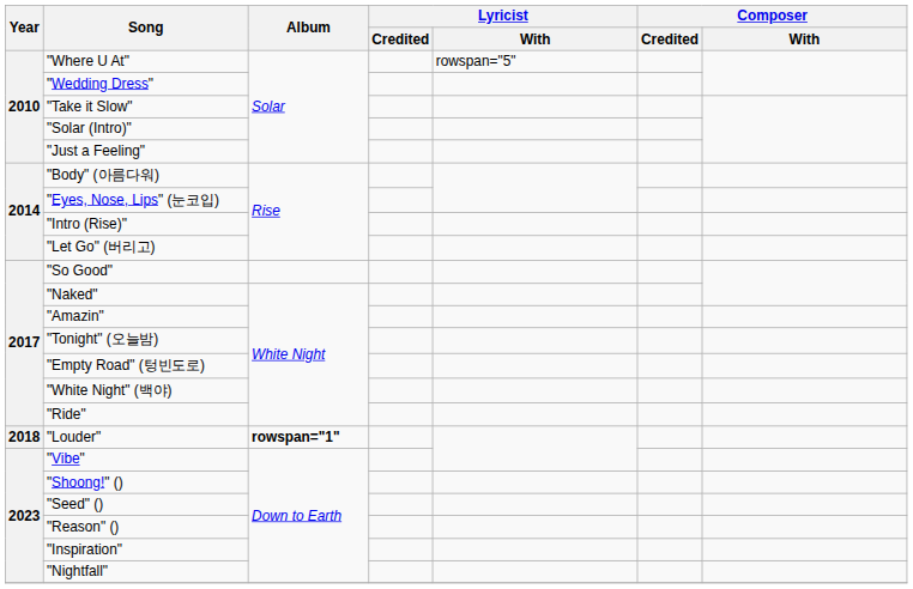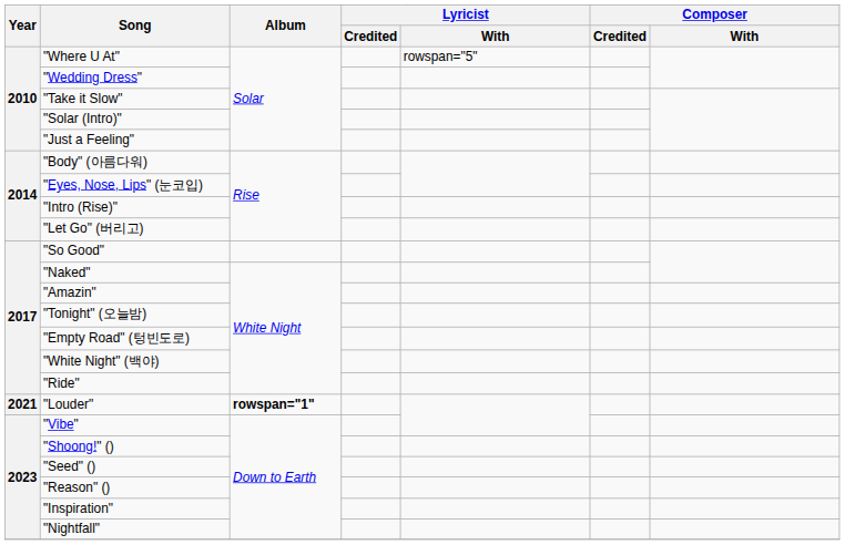 <table class="wikitable sortable plainrowheaders">
 <tr>
 <th rowspan="2" style="width:2em;">Year</th>
 <th rowspan="2" style="width:14em;">Song</th>
 <th rowspan="2" style="width:8em;">Album</th>
 <th colspan="2"><a href='#'>Lyricist</a></th>
 <th colspan="2"><a href='#'>Composer</a></th>
 </tr>
 <tr>
 <th>Credited</th>
 <th style="width:14em;">With</th>
 <th>Credited</th>
 <th style="width:14em;">With</th>
 </tr>
 <tr>
 <th scope="row" rowspan="5">2010</th>
 <td>"Where U At"</td>
 <td rowspan="5"><em><a href='#'>Solar</a></em></td>
 <td></td>
 <td>rowspan="5" </td>
 <td></td>
 <td style="text-align:center" rowspan="2"></td>
 </tr>
 <tr>
 <td>"<a href='#'>Wedding Dress</a>"</td>
 <td></td>
 <td></td>
 </tr>
 <tr>
 <td>"Take it Slow"</td>
 <td></td>
 <td></td>
 <td style="text-align:center"></td>
 </tr>
 <tr>
 <td>"Solar (Intro)"</td>
 <td></td>
 <td></td>
 <td style="text-align:center"></td>
 </tr>
 <tr>
 <td>"Just a Feeling"</td>
 <td></td>
 <td></td>
 <td style="text-align:center"></td>
 </tr>
 <tr>
 <th scope="row" rowspan="4">2014</th>
 <td>"Body" (아름다워)</td>
 <td rowspan="4"><em><a href='#'>Rise</a></em></td>
 <td></td>
 <td style="text-align:center" rowspan="2"></td>
 <td></td>
 <td style="text-align:center"></td>
 </tr>
 <tr>
 <td>"<a href='#'>Eyes, Nose, Lips</a>" (눈코입)</td>
 <td></td>
 <td></td>
 <td></td>
 </tr>
 <tr>
 <td>"Intro (Rise)"</td>
 <td></td>
 <td style="text-align:center"></td>
 <td></td>
 <td style="text-align:center"></td>
 </tr>
 <tr>
 <td>"Let Go" (버리고)</td>
 <td></td>
 <td></td>
 <td></td>
 <td style="text-align:center"></td>
 </tr>
 <tr>
 <th scope="row" rowspan="7">2017</th>
 <td>"So Good"</td>
 <td></td>
 <td></td>
 <td style="text-align:center"></td>
 <td></td>
 <td style="text-align:center" rowspan="2"></td>
 </tr>
 <tr>
 <td>"Naked"</td>
 <td rowspan="6"><em><a href='#'>White Night</a></em></td>
 <td></td>
 <td></td>
 <td></td>
 </tr>
 <tr>
 <td>"Amazin"</td>
 <td></td>
 <td style="text-align:center"></td>
 <td></td>
 <td style="text-align:center"></td>
 </tr>
 <tr>
 <td>"Tonight" (오늘밤) </td>
 <td></td>
 <td style="text-align:center"></td>
 <td></td>
 <td style="text-align:center"></td>
 </tr>
 <tr>
 <td>"Empty Road" (텅빈도로)</td>
 <td></td>
 <td style="text-align:center"></td>
 <td></td>
 <td style="text-align:center"></td>
 </tr>
 <tr>
 <td>"White Night" (백야)</td>
 <td></td>
 <td style="text-align:center"></td>
 <td></td>
 <td style="text-align:center"></td>
 </tr>
 <tr>
 <td>"Ride"</td>
 <td></td>
 <td style="text-align:center"></td>
 <td></td>
 <td style="text-align:center"></td>
 </tr>
 <tr>
-<th scope="row">2018</th>
+<th scope="row">2021</th>
 <td>"Louder"</td>
 <td><strong>rowspan="1" </strong></td>
 <td></td>
 <td style="text-align:center" rowspan="2"></td>
 <td></td>
 <td style="text-align:center"></td>
 </tr>
 <tr>
 <th scope="row" rowspan="6">2023</th>
 <td>"<a href='#'>Vibe</a>" </td>
 <td rowspan="6"><em><a href='#'>Down to Earth</a></em></td>
 <td></td>
 <td></td>
 <td style="text-align:center"></td>
 </tr>
 <tr>
 <td>"<a href='#'>Shoong!</a>" () </td>
 <td></td>
 <td style="text-align:center"></td>
 <td></td>
 <td></td>
 </tr>
 <tr>
 <td>"Seed" ()</td>
 <td></td>
 <td style="text-align:center"></td>
 <td></td>
 <td></td>
 </tr>
 <tr>
 <td>"Reason" ()</td>
 <td></td>
 <td style="text-align:center"></td>
 <td></td>
 <td></td>
 </tr>
 <tr>
 <td>"Inspiration" </td>
 <td></td>
 <td style="text-align:center"></td>
 <td></td>
 <td></td>
 </tr>
 <tr>
 <td>"Nightfall" </td>
 <td></td>
 <td style="text-align:center"></td>
 <td></td>
 <td></td>
 </tr>
 <tr>
 </tr>
 </table>
